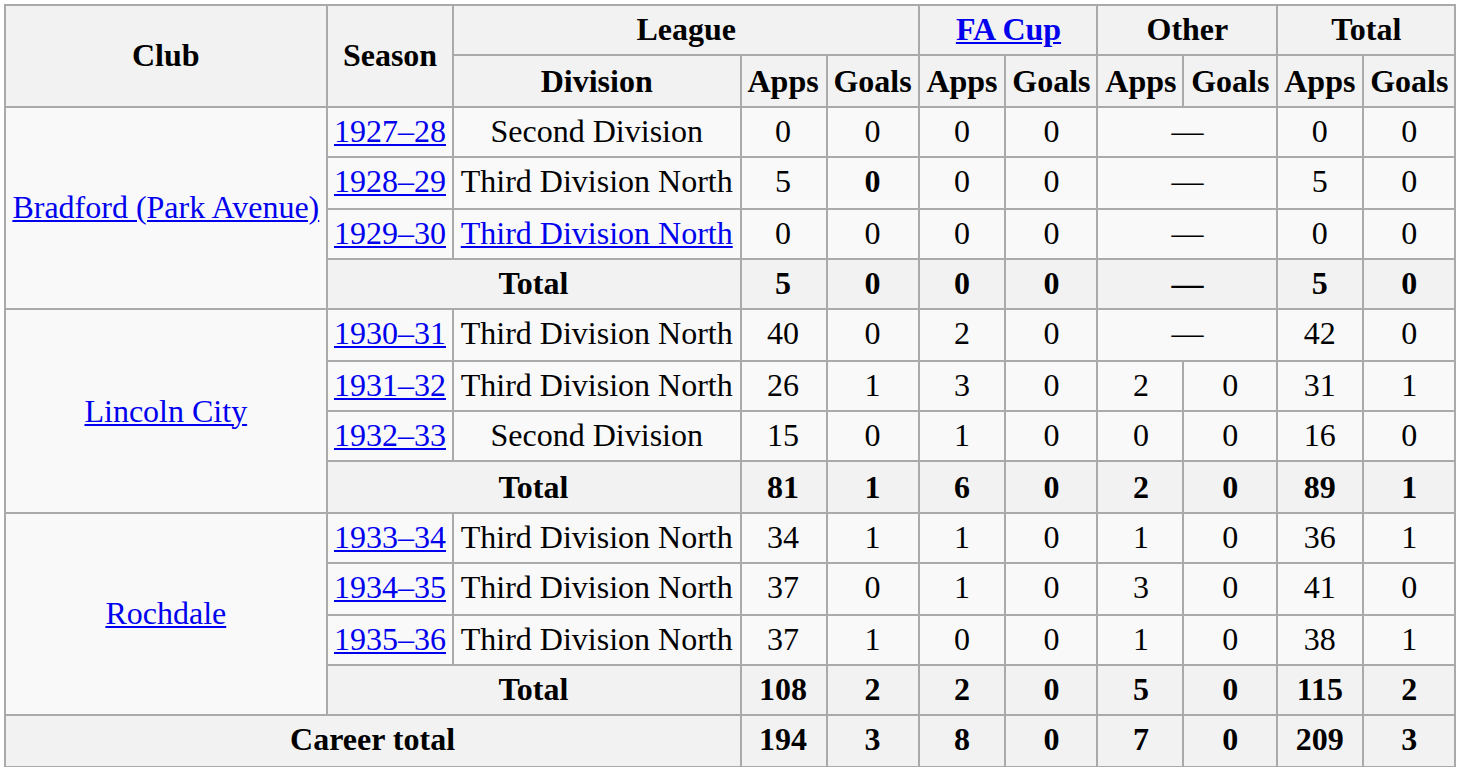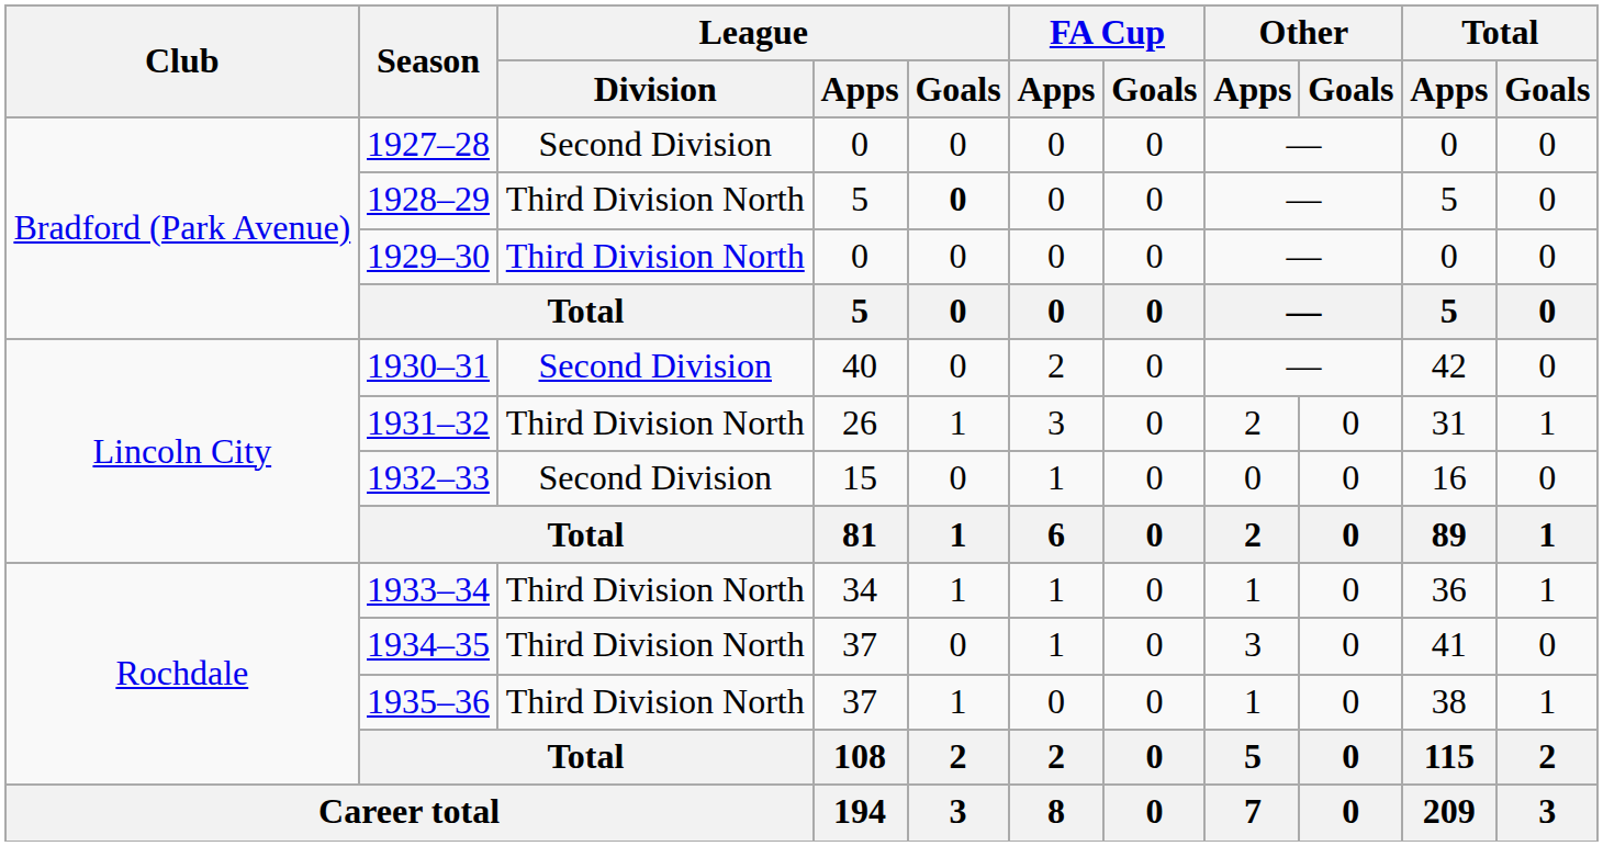 <table class="wikitable" style="text-align:center;">
 <tr>
 <th rowspan="2">Club</th>
 <th rowspan="2">Season</th>
 <th colspan="3">League</th>
 <th colspan="2"><a href='#'>FA Cup</a></th>
 <th colspan="2">Other</th>
 <th colspan="2">Total</th>
 </tr>
 <tr>
 <th>Division</th>
 <th>Apps</th>
 <th>Goals</th>
 <th>Apps</th>
 <th>Goals</th>
 <th>Apps</th>
 <th>Goals</th>
 <th>Apps</th>
 <th>Goals</th>
 </tr>
 <tr>
 <td rowspan="4"><a href='#'>Bradford (Park Avenue)</a></td>
 <td><a href='#'>1927–28</a></td>
 <td>Second Division</td>
 <td>0</td>
 <td>0</td>
 <td>0</td>
 <td>0</td>
 <td colspan="2">—</td>
 <td>0</td>
 <td>0</td>
 </tr>
 <tr>
 <td><a href='#'>1928–29</a></td>
 <td>Third Division North</td>
 <td>5</td>
 <td><strong>0</strong></td>
 <td>0</td>
 <td>0</td>
 <td colspan="2">—</td>
 <td>5</td>
 <td>0</td>
 </tr>
 <tr>
 <td><a href='#'>1929–30</a></td>
 <td><a href='#'>Third Division North</a></td>
 <td>0</td>
 <td>0</td>
 <td>0</td>
 <td>0</td>
 <td colspan="2">—</td>
 <td>0</td>
 <td>0</td>
 </tr>
 <tr>
 <th colspan="2">Total</th>
 <th>5</th>
 <th>0</th>
 <th>0</th>
 <th>0</th>
 <th colspan="2">—</th>
 <th>5</th>
 <th>0</th>
 </tr>
 <tr>
 <td rowspan="4"><a href='#'>Lincoln City</a></td>
 <td><a href='#'>1930–31</a></td>
-<td>Third Division North</td>
+<td><a href='#'>Second Division</a></td>
 <td>40</td>
 <td>0</td>
 <td>2</td>
 <td>0</td>
 <td colspan="2">—</td>
 <td>42</td>
 <td>0</td>
 </tr>
 <tr>
 <td><a href='#'>1931–32</a></td>
 <td>Third Division North</td>
 <td>26</td>
 <td>1</td>
 <td>3</td>
 <td>0</td>
 <td>2</td>
 <td>0</td>
 <td>31</td>
 <td>1</td>
 </tr>
 <tr>
 <td><a href='#'>1932–33</a></td>
 <td>Second Division</td>
 <td>15</td>
 <td>0</td>
 <td>1</td>
 <td>0</td>
 <td>0</td>
 <td>0</td>
 <td>16</td>
 <td>0</td>
 </tr>
 <tr>
 <th colspan="2">Total</th>
 <th>81</th>
 <th>1</th>
 <th>6</th>
 <th>0</th>
 <th>2</th>
 <th>0</th>
 <th>89</th>
 <th>1</th>
 </tr>
 <tr>
 <td rowspan="4"><a href='#'>Rochdale</a></td>
 <td><a href='#'>1933–34</a></td>
 <td>Third Division North</td>
 <td>34</td>
 <td>1</td>
 <td>1</td>
 <td>0</td>
 <td>1</td>
 <td>0</td>
 <td>36</td>
 <td>1</td>
 </tr>
 <tr>
 <td><a href='#'>1934–35</a></td>
 <td>Third Division North</td>
 <td>37</td>
 <td>0</td>
 <td>1</td>
 <td>0</td>
 <td>3</td>
 <td>0</td>
 <td>41</td>
 <td>0</td>
 </tr>
 <tr>
 <td><a href='#'>1935–36</a></td>
 <td>Third Division North</td>
 <td>37</td>
 <td>1</td>
 <td>0</td>
 <td>0</td>
 <td>1</td>
 <td>0</td>
 <td>38</td>
 <td>1</td>
 </tr>
 <tr>
 <th colspan="2">Total</th>
 <th>108</th>
 <th>2</th>
 <th>2</th>
 <th>0</th>
 <th>5</th>
 <th>0</th>
 <th>115</th>
 <th>2</th>
 </tr>
 <tr>
 <th colspan="3">Career total</th>
 <th>194</th>
 <th>3</th>
 <th>8</th>
 <th>0</th>
 <th>7</th>
 <th>0</th>
 <th>209</th>
 <th>3</th>
 </tr>
 </table>
